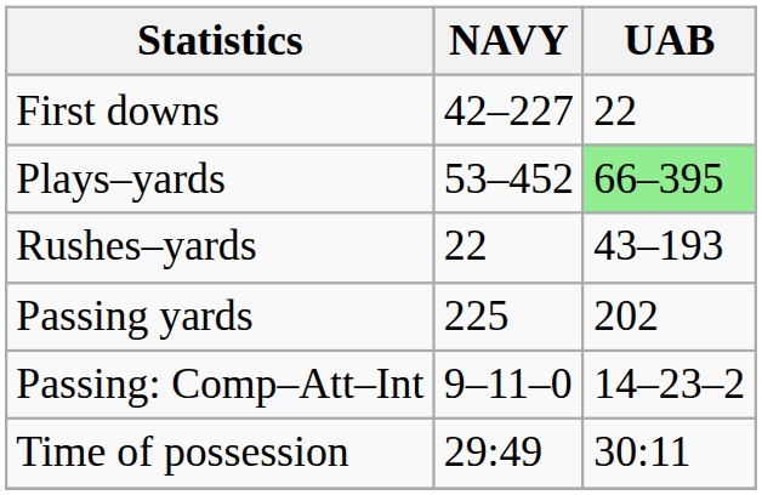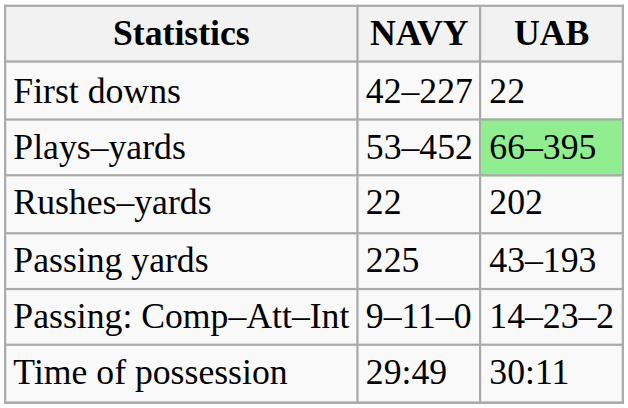 <table class="wikitable" style="float: left;">
 <tr>
 <th>Statistics</th>
 <th>NAVY</th>
 <th>UAB</th>
 </tr>
 <tr>
 <td>First downs</td>
 <td>42–227</td>
 <td>22</td>
 </tr>
 <tr>
 <td>Plays–yards</td>
 <td>53–452</td>
 <td style="background: lightgreen;">66–395</td>
 </tr>
 <tr>
 <td>Rushes–yards</td>
 <td>22</td>
-<td>43–193</td>
+<td>202</td>
 </tr>
 <tr>
 <td>Passing yards</td>
 <td>225</td>
-<td>202</td>
+<td>43–193</td>
 </tr>
 <tr>
 <td>Passing: Comp–Att–Int</td>
 <td>9–11–0</td>
 <td>14–23–2</td>
 </tr>
 <tr>
 <td>Time of possession</td>
 <td>29:49</td>
 <td>30:11</td>
 </tr>
 <tr>
 </tr>
 </table>
